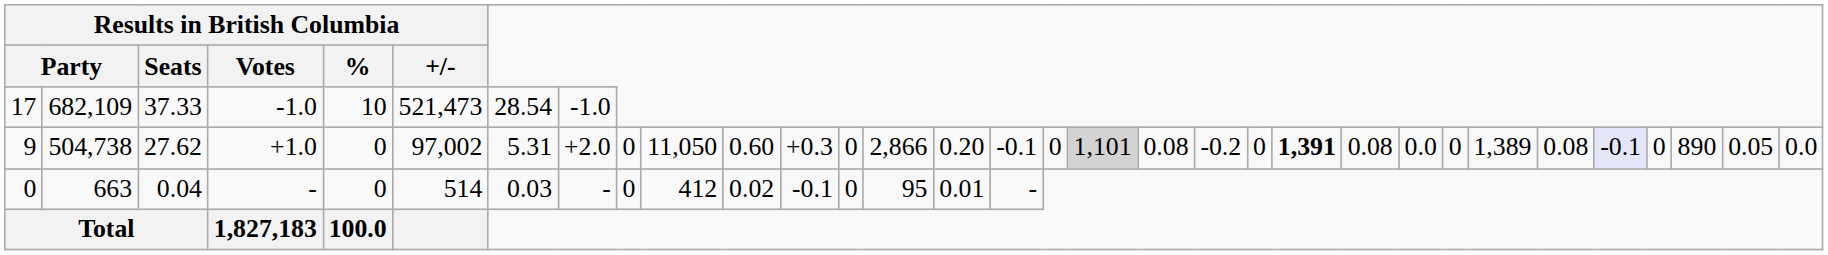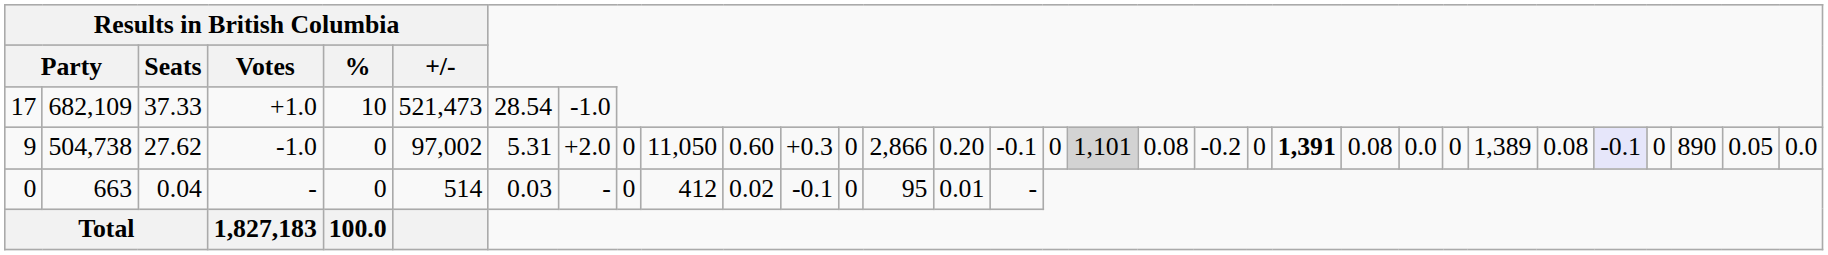 <table class="wikitable">
 <tr>
 <th align="center" colspan=6>Results in British Columbia</th>
 </tr>
 <tr>
 <th align="centre" colspan=2>Party</th>
 <th align="right">Seats</th>
 <th align="right">Votes</th>
 <th align="right">%</th>
 <th align="right">+/-</th>
 </tr>
 <tr>
 <td align="right">17</td>
 <td align="right">682,109</td>
 <td align="right">37.33</td>
-<td align="right">-1.0<br></td>
+<td align="right">+1.0<br></td>
 <td align="right">10</td>
 <td align="right">521,473</td>
 <td align="right">28.54</td>
 <td align="right">-1.0<br></td>
 </tr>
 <tr>
 <td align="right">9</td>
 <td align="right">504,738</td>
 <td align="right">27.62</td>
-<td align="right">+1.0<br></td>
+<td align="right">-1.0<br></td>
 <td align="right">0</td>
 <td align="right">97,002</td>
 <td align="right">5.31</td>
 <td align="right">+2.0</td>
 <td align="right">0</td>
 <td align="right">11,050</td>
 <td align="right">0.60</td>
 <td align="right">+0.3<br></td>
 <td align="right">0</td>
 <td align="right">2,866</td>
 <td align="right">0.20</td>
 <td align="right">-0.1<br></td>
 <td align="right">0</td>
 <td align="right" style="background: lightgrey;">1,101</td>
 <td align="right">0.08</td>
 <td align="right">-0.2<br></td>
 <td align="right">0</td>
 <td align="right"><strong>1,391</strong></td>
 <td align="right">0.08</td>
 <td align="right">0.0<br></td>
 <td align="right">0</td>
 <td align="right">1,389</td>
 <td align="right">0.08</td>
 <td align="right" style="background: lavender;">-0.1<br></td>
 <td align="right">0</td>
 <td align="right">890</td>
 <td align="right">0.05</td>
 <td align="right">0.0</td>
 </tr>
 <tr>
 <td align="right">0</td>
 <td align="right">663</td>
 <td align="right">0.04</td>
 <td align="right">-<br></td>
 <td align="right">0</td>
 <td align="right">514</td>
 <td align="right">0.03</td>
 <td align="right">-<br></td>
 <td align="right">0</td>
 <td align="right">412</td>
 <td align="right">0.02</td>
 <td align="right">-0.1<br></td>
 <td align="right">0</td>
 <td align="right">95</td>
 <td align="right">0.01</td>
 <td align="right">-</td>
 </tr>
 <tr bgcolor="white">
 <th align="left" colspan=3>Total</th>
 <th align="right">1,827,183</th>
 <th align="right">100.0</th>
 <th align="right"></th>
 </tr>
 </table>
